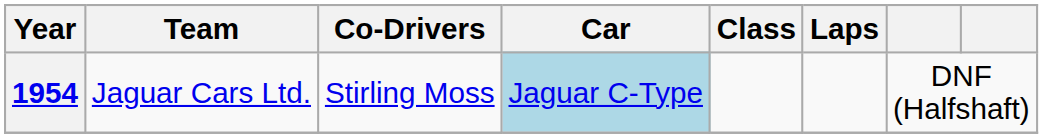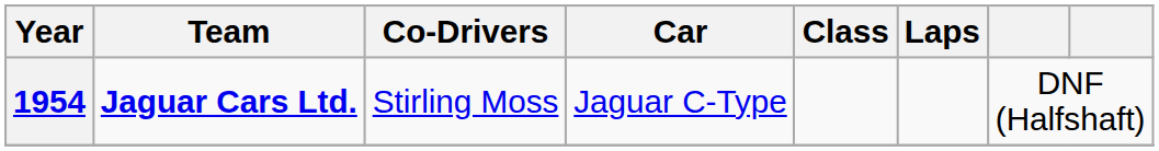 <table class="wikitable" style="text-align:center; font-size:90%">
 <tr>
 <th>Year</th>
 <th>Team</th>
 <th>Co-Drivers</th>
 <th>Car</th>
 <th>Class</th>
 <th>Laps</th>
 <th></th>
 <th></th>
 </tr>
 <tr>
 <th><a href='#'>1954</a></th>
-<td align="left"> <a href='#'>Jaguar Cars Ltd.</a></td>
+<td align="left"><strong> <a href='#'>Jaguar Cars Ltd.</a></strong></td>
 <td align="left"> <a href='#'>Stirling Moss</a></td>
-<td align="left" style="background: lightblue;"><a href='#'>Jaguar C-Type</a></td>
+<td align="left"><a href='#'>Jaguar C-Type</a></td>
 <td></td>
 <td></td>
 <td colspan=2>DNF<br>(Halfshaft)</td>
 </tr>
 <tr>
 </tr>
 </table>
